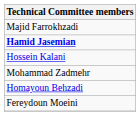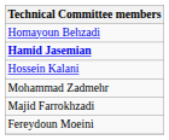 <table class="wikitable">
 <tr>
 <th>Technical Committee members</th>
 </tr>
 <tr>
-<td> Majid Farrokhzadi</td>
+<td> <a href='#'>Homayoun Behzadi</a></td>
 </tr>
 <tr>
 <td><strong> <a href='#'>Hamid Jasemian</a></strong></td>
 </tr>
 <tr>
 <td> <a href='#'>Hossein Kalani</a></td>
 </tr>
 <tr>
 <td> Mohammad Zadmehr</td>
 </tr>
 <tr>
-<td> <a href='#'>Homayoun Behzadi</a></td>
+<td> Majid Farrokhzadi</td>
 </tr>
 <tr>
 <td> Fereydoun Moeini</td>
 </tr>
 <tr>
 </tr>
 </table>
